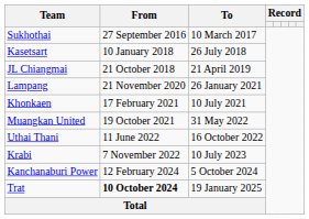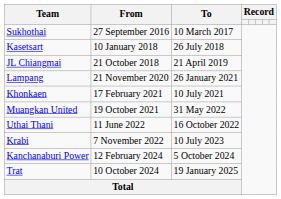 <table class=wikitable style="text-align: center">
 <tr>
 <th rowspan=2>Team</th>
 <th rowspan=2>From</th>
 <th rowspan=2>To</th>
 <th colspan=5>Record</th>
 </tr>
 <tr>
 <th></th>
 <th></th>
 <th></th>
 <th></th>
 <th></th>
 </tr>
 <tr>
 <td align=left><a href='#'>Sukhothai</a></td>
 <td align=left>27 September 2016</td>
 <td align=left>10 March 2017<br></td>
 </tr>
 <tr>
 <td align=left><a href='#'>Kasetsart</a></td>
 <td align=left>10 January 2018</td>
 <td align=left>26 July 2018<br></td>
 </tr>
 <tr>
 <td align=left><a href='#'>JL Chiangmai</a></td>
 <td align=left>21 October 2018</td>
 <td align=left>21 April 2019<br></td>
 </tr>
 <tr>
 <td align=left><a href='#'>Lampang</a></td>
 <td align=left>21 November 2020</td>
 <td align=left>26 January 2021<br></td>
 </tr>
 <tr>
 <td align=left><a href='#'>Khonkaen</a></td>
 <td align=left>17 February 2021</td>
 <td align=left>10 July 2021<br></td>
 </tr>
 <tr>
 <td align=left><a href='#'>Muangkan United</a></td>
 <td align=left>19 October 2021</td>
 <td align=left>31 May 2022<br></td>
 </tr>
 <tr>
 <td align=left><a href='#'>Uthai Thani</a></td>
 <td align=left>11 June 2022</td>
 <td align=left>16 October 2022<br></td>
 </tr>
 <tr>
 <td align=left><a href='#'>Krabi</a></td>
 <td align=left>7 November 2022</td>
 <td align=left>10 July 2023<br></td>
 </tr>
 <tr>
 <td align=left><a href='#'>Kanchanaburi Power</a></td>
 <td align=left>12 February 2024</td>
 <td align=left>5 October 2024<br></td>
 </tr>
 <tr>
 <td align=left><a href='#'>Trat</a></td>
-<td align=left><strong>10 October 2024</strong></td>
+<td align=left>10 October 2024</td>
 <td align=left>19 January 2025<br></td>
 </tr>
 <tr>
 <th colspan=3>Total<br></th>
 </tr>
 </table>
